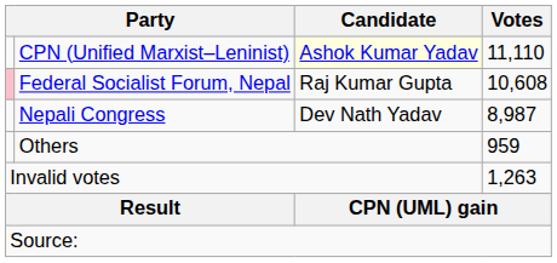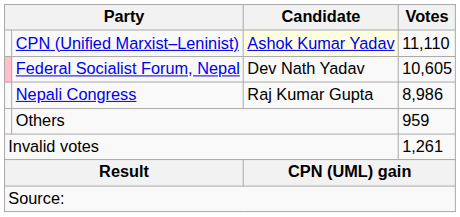 <table class="wikitable">
 <tr>
 <th colspan="2">Party</th>
 <th>Candidate</th>
 <th>Votes</th>
 </tr>
 <tr>
 <td style="background-color:"></td>
 <td><a href='#'>CPN (Unified Marxist–Leninist)</a></td>
 <td style="background: lightyellow;"><a href='#'>Ashok Kumar Yadav</a></td>
 <td>11,110</td>
 </tr>
 <tr>
 <td style="background-color:pink"></td>
 <td><a href='#'>Federal Socialist Forum, Nepal</a></td>
-<td>Raj Kumar Gupta</td>
-<td>10,608</td>
+<td>Dev Nath Yadav</td>
+<td>10,605</td>
 </tr>
 <tr>
 <td style="background-color:"></td>
 <td><a href='#'>Nepali Congress</a></td>
-<td>Dev Nath Yadav</td>
-<td>8,987</td>
+<td>Raj Kumar Gupta</td>
+<td>8,986</td>
 </tr>
 <tr>
 <td></td>
 <td colspan="2">Others</td>
 <td>959</td>
 </tr>
 <tr>
 <td colspan="3">Invalid votes</td>
-<td>1,263</td>
+<td>1,261</td>
 </tr>
 <tr>
 <th colspan="2">Result</th>
 <th colspan="2">CPN (UML) gain</th>
 </tr>
 <tr>
 <td colspan="4">Source: </td>
 </tr>
 </table>
